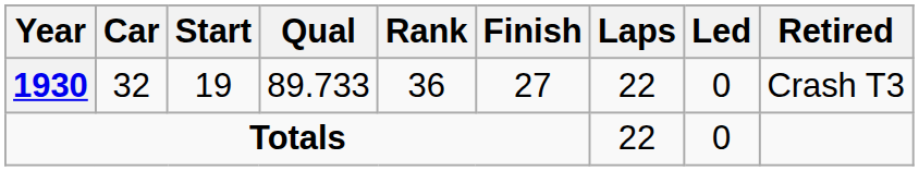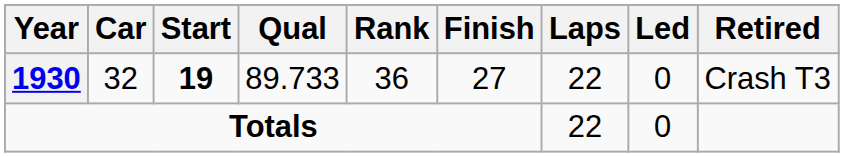 <table class="wikitable" style="text-align:center">
 <tr>
 <th>Year</th>
 <th>Car</th>
 <th>Start</th>
 <th>Qual</th>
 <th>Rank</th>
 <th>Finish</th>
 <th>Laps</th>
 <th>Led</th>
 <th>Retired</th>
 </tr>
 <tr>
 <th><a href='#'>1930</a></th>
 <td>32</td>
-<td>19</td>
+<td><strong>19</strong></td>
 <td>89.733</td>
 <td>36</td>
 <td>27</td>
 <td>22</td>
 <td>0</td>
 <td>Crash T3</td>
 </tr>
 <tr>
 <td colspan=6><strong>Totals</strong></td>
 <td>22</td>
 <td>0</td>
 <td></td>
 </tr>
 </table>
